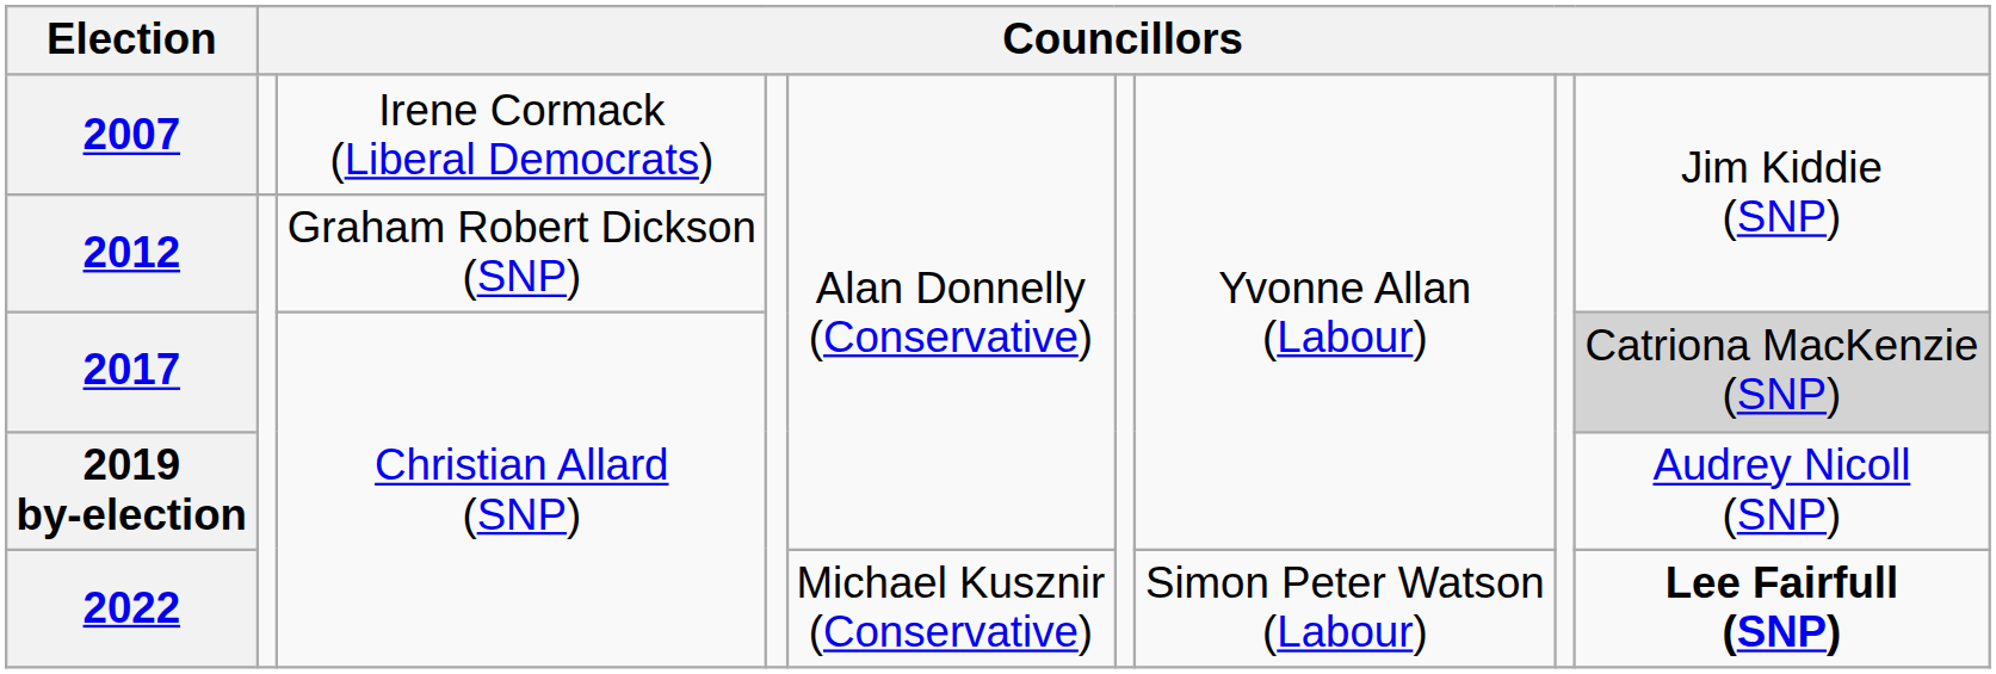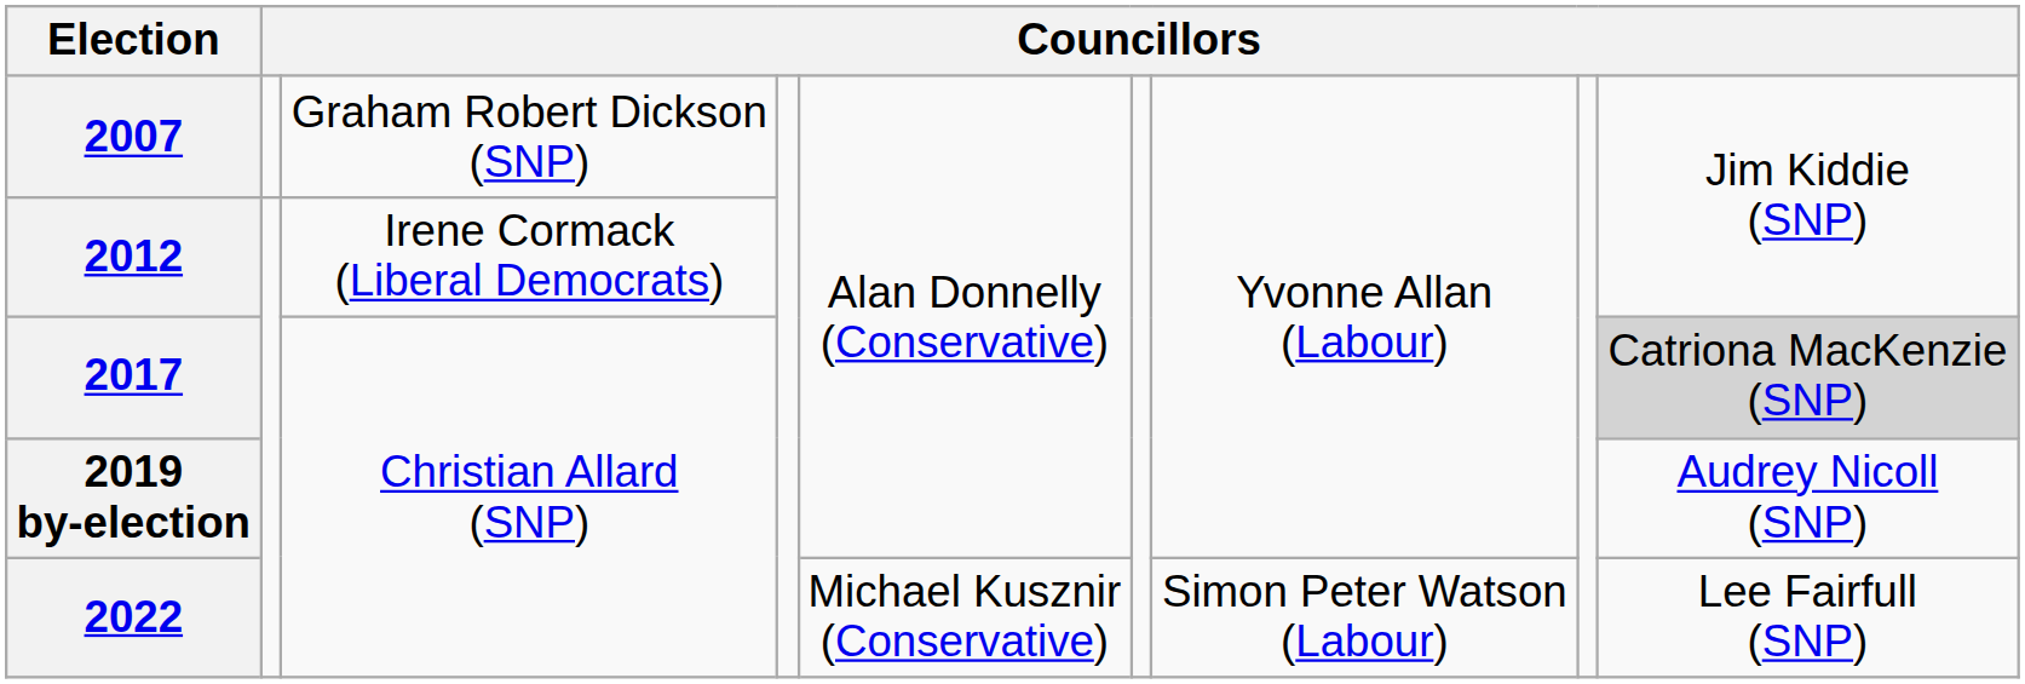 <table class="wikitable" style="text-align:center">
 <tr>
 <th>Election</th>
 <th colspan=8>Councillors</th>
 </tr>
 <tr>
 <th><a href='#'>2007</a></th>
 <td rowspan=1; style="background-color: "></td>
-<td rowspan=1>Irene Cormack<br>(<a href='#'>Liberal Democrats</a>)</td>
+<td rowspan=1>Graham Robert Dickson<br>(<a href='#'>SNP</a>)</td>
 <td rowspan=5; style="background-color: "></td>
 <td rowspan=4>Alan Donnelly<br>(<a href='#'>Conservative</a>)</td>
 <td rowspan=5; style="background-color: "></td>
 <td rowspan=4>Yvonne Allan<br>(<a href='#'>Labour</a>)</td>
 <td rowspan=5; style="background-color: "></td>
 <td rowspan=2>Jim Kiddie<br>(<a href='#'>SNP</a>)</td>
 </tr>
 <tr>
 <th><a href='#'>2012</a></th>
 <td rowspan=4; style="background-color: "></td>
-<td rowspan=1>Graham Robert Dickson<br>(<a href='#'>SNP</a>)</td>
+<td rowspan=1>Irene Cormack<br>(<a href='#'>Liberal Democrats</a>)</td>
 </tr>
 <tr>
 <th><a href='#'>2017</a></th>
 <td rowspan=3><a href='#'>Christian Allard</a><br>(<a href='#'>SNP</a>)</td>
 <td rowspan=1 style="background: lightgrey;">Catriona MacKenzie<br>(<a href='#'>SNP</a>)</td>
 </tr>
 <tr>
 <th>2019<br>by-election</th>
 <td rowspan=1><a href='#'>Audrey Nicoll</a><br>(<a href='#'>SNP</a>)</td>
 </tr>
 <tr>
 <th><a href='#'>2022</a></th>
 <td rowspan=4>Michael Kusznir<br>(<a href='#'>Conservative</a>)</td>
 <td rowspan=4>Simon Peter Watson<br>(<a href='#'>Labour</a>)</td>
-<td rowspan=1><strong>Lee Fairfull<br>(<a href='#'>SNP</a>)</strong></td>
+<td rowspan=1>Lee Fairfull<br>(<a href='#'>SNP</a>)</td>
 </tr>
 </table>
